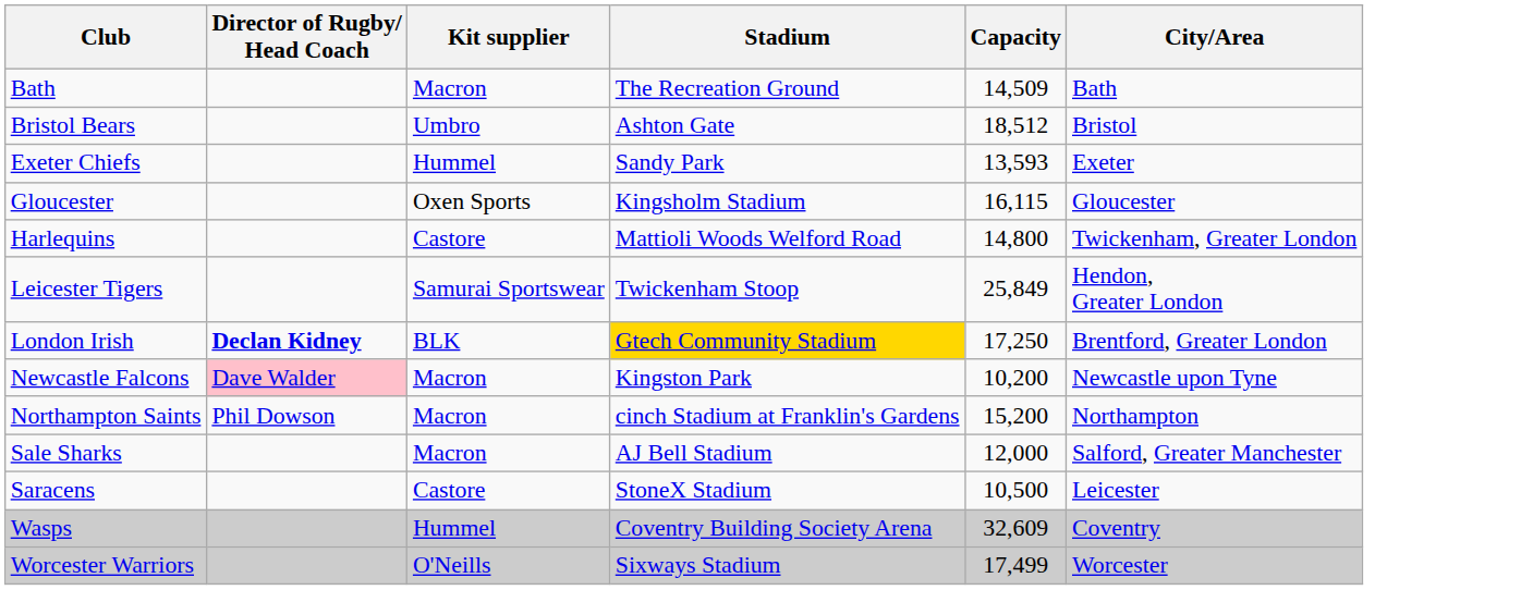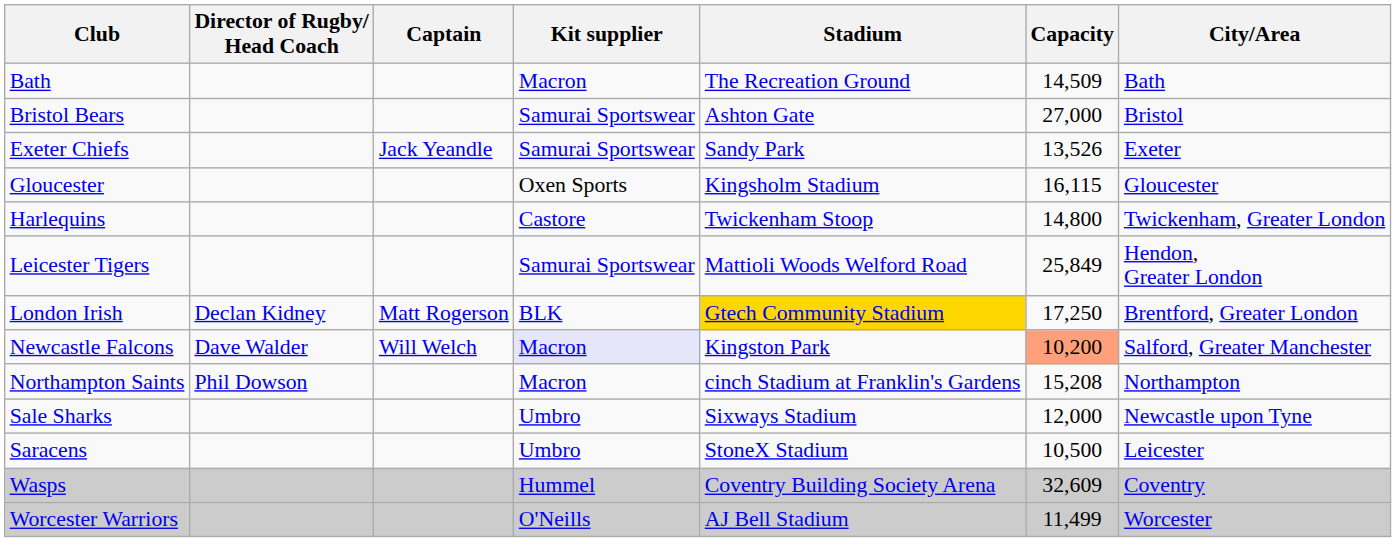 <table class="wikitable sortable">
 <tr>
 <th>Club</th>
 <th>Director of Rugby/<br>Head Coach</th>
+<th>Captain</th>
 <th>Kit supplier</th>
 <th>Stadium</th>
 <th>Capacity</th>
 <th>City/Area</th>
 </tr>
 <tr>
 <td><a href='#'>Bath</a></td>
+<td></td>
 <td></td>
 <td><a href='#'>Macron</a></td>
 <td><a href='#'>The Recreation Ground</a></td>
 <td align=center>14,509</td>
 <td><a href='#'>Bath</a></td>
 </tr>
 <tr>
 <td><a href='#'>Bristol Bears</a></td>
 <td></td>
-<td><a href='#'>Umbro</a></td>
+<td></td>
+<td><a href='#'>Samurai Sportswear</a></td>
 <td><a href='#'>Ashton Gate</a></td>
-<td align=center>18,512</td>
+<td align=center>27,000</td>
 <td><a href='#'>Bristol</a></td>
 </tr>
 <tr>
 <td><a href='#'>Exeter Chiefs</a></td>
 <td></td>
-<td><a href='#'>Hummel</a></td>
+<td> <a href='#'>Jack Yeandle</a></td>
+<td><a href='#'>Samurai Sportswear</a></td>
 <td><a href='#'>Sandy Park</a></td>
-<td align=center>13,593</td>
+<td align=center>13,526</td>
 <td><a href='#'>Exeter</a></td>
 </tr>
 <tr>
 <td><a href='#'>Gloucester</a></td>
+<td></td>
 <td></td>
 <td>Oxen Sports</td>
 <td><a href='#'>Kingsholm Stadium</a></td>
 <td align=center>16,115</td>
 <td><a href='#'>Gloucester</a></td>
 </tr>
 <tr>
 <td><a href='#'>Harlequins</a></td>
 <td></td>
+<td></td>
 <td><a href='#'>Castore</a></td>
-<td><a href='#'>Mattioli Woods Welford Road</a></td>
+<td><a href='#'>Twickenham Stoop</a></td>
 <td align=center>14,800</td>
 <td><a href='#'>Twickenham</a>, <a href='#'>Greater London</a></td>
 </tr>
 <tr>
 <td><a href='#'>Leicester Tigers</a></td>
 <td></td>
+<td></td>
 <td><a href='#'>Samurai Sportswear</a></td>
-<td><a href='#'>Twickenham Stoop</a></td>
+<td><a href='#'>Mattioli Woods Welford Road</a></td>
 <td align=center>25,849</td>
 <td><a href='#'>Hendon</a>,<br><a href='#'>Greater London</a></td>
 </tr>
 <tr>
 <td><a href='#'>London Irish</a></td>
-<td><strong> <a href='#'>Declan Kidney</a></strong></td>
+<td> <a href='#'>Declan Kidney</a></td>
+<td> <a href='#'>Matt Rogerson</a></td>
 <td><a href='#'>BLK</a></td>
 <td style="background: gold;"><a href='#'>Gtech Community Stadium</a></td>
 <td align=center>17,250</td>
 <td><a href='#'>Brentford</a>, <a href='#'>Greater London</a></td>
 </tr>
 <tr>
 <td><a href='#'>Newcastle Falcons</a></td>
-<td style="background: pink;"> <a href='#'>Dave Walder</a></td>
-<td><a href='#'>Macron</a></td>
+<td> <a href='#'>Dave Walder</a></td>
+<td> <a href='#'>Will Welch</a></td>
+<td style="background: lavender;"><a href='#'>Macron</a></td>
 <td><a href='#'>Kingston Park</a></td>
-<td align=center>10,200</td>
-<td><a href='#'>Newcastle upon Tyne</a></td>
+<td align=center style="background: lightsalmon;">10,200</td>
+<td><a href='#'>Salford</a>, <a href='#'>Greater Manchester</a></td>
 </tr>
 <tr>
 <td><a href='#'>Northampton Saints</a></td>
 <td> <a href='#'>Phil Dowson</a></td>
+<td></td>
 <td><a href='#'>Macron</a></td>
 <td><a href='#'>cinch Stadium at Franklin's Gardens</a></td>
-<td align=center>15,200</td>
+<td align=center>15,208</td>
 <td><a href='#'>Northampton</a></td>
 </tr>
 <tr>
 <td><a href='#'>Sale Sharks</a></td>
 <td></td>
-<td><a href='#'>Macron</a></td>
-<td><a href='#'>AJ Bell Stadium</a></td>
+<td></td>
+<td><a href='#'>Umbro</a></td>
+<td><a href='#'>Sixways Stadium</a></td>
 <td align=center>12,000</td>
-<td><a href='#'>Salford</a>, <a href='#'>Greater Manchester</a></td>
+<td><a href='#'>Newcastle upon Tyne</a></td>
 </tr>
 <tr>
 <td><a href='#'>Saracens</a></td>
 <td></td>
-<td><a href='#'>Castore</a></td>
+<td></td>
+<td><a href='#'>Umbro</a></td>
 <td><a href='#'>StoneX Stadium</a></td>
 <td align=center>10,500</td>
 <td><a href='#'>Leicester</a></td>
 </tr>
 <tr style="background-color:#cccccc;">
 <td><a href='#'>Wasps</a></td>
+<td></td>
 <td></td>
 <td><a href='#'>Hummel</a></td>
 <td><a href='#'>Coventry Building Society Arena</a></td>
 <td align=center>32,609</td>
 <td><a href='#'>Coventry</a></td>
 </tr>
 <tr style="background-color:#cccccc;">
 <td><a href='#'>Worcester Warriors</a></td>
 <td></td>
+<td></td>
 <td><a href='#'>O'Neills</a></td>
-<td><a href='#'>Sixways Stadium</a></td>
-<td align=center>17,499</td>
+<td><a href='#'>AJ Bell Stadium</a></td>
+<td align=center>11,499</td>
 <td><a href='#'>Worcester</a></td>
 </tr>
 </table>
